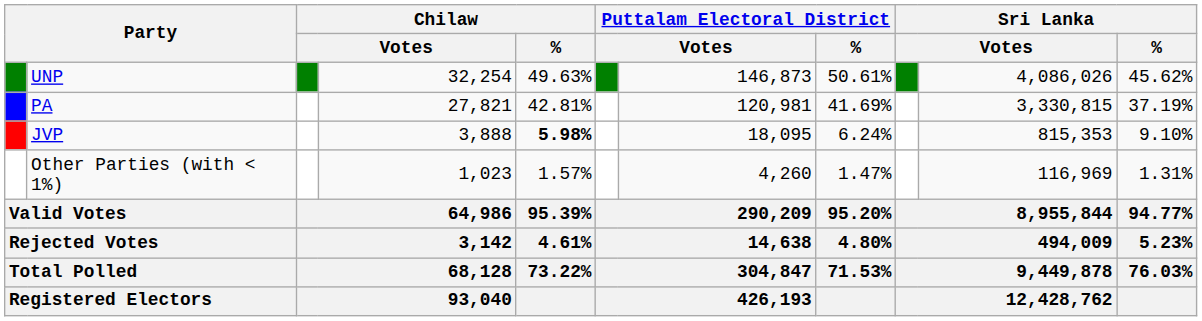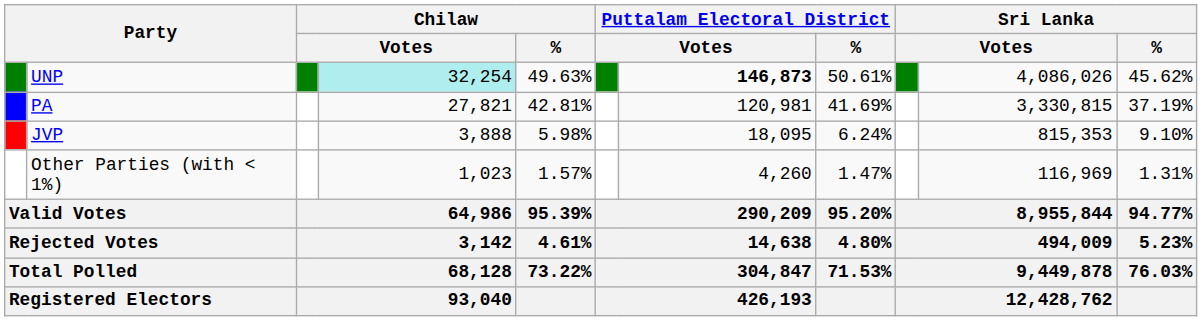 <table class="wikitable">
 <tr>
 <th colspan="2" width="144px"rowspan="2">Party</th>
 <th colspan="3" width="216px">Chilaw</th>
 <th colspan="3" width="216px"><a href='#'>Puttalam Electoral District</a></th>
 <th colspan="3" width="216px">Sri Lanka</th>
 </tr>
 <tr>
 <th colspan="2" width="144px">Votes</th>
 <th>%</th>
 <th colspan="2" width="144px">Votes</th>
 <th>%</th>
 <th colspan="2" width="144px">Votes</th>
 <th>%</th>
 </tr>
 <tr>
 <td style="background-color:green;" width="10px"></td>
 <td style="text-align:left;"><a href='#'>UNP</a></td>
 <td style="background-color:green;" width="10px"></td>
-<td style="text-align:right;">32,254</td>
+<td style="background: paleturquoise; text-align:right;">32,254</td>
 <td style="text-align:right;">49.63%</td>
 <td style="background-color:green;" width="10px"></td>
-<td style="text-align:right;">146,873</td>
+<td style="text-align:right;"><strong>146,873</strong></td>
 <td style="text-align:right;">50.61%</td>
 <td style="background-color:green;" width="10px"></td>
 <td style="text-align:right;">4,086,026</td>
 <td style="text-align:right;">45.62%</td>
 </tr>
 <tr>
 <td style="background-color:blue;" width="10px"></td>
 <td style="text-align:left;"><a href='#'>PA</a></td>
 <td style="background-color:white;" width="10px"></td>
 <td style="text-align:right;">27,821</td>
 <td style="text-align:right;">42.81%</td>
 <td style="background-color:white;" width="10px"></td>
 <td style="text-align:right;">120,981</td>
 <td style="text-align:right;">41.69%</td>
 <td style="background-color:white;" width="10px"></td>
 <td style="text-align:right;">3,330,815</td>
 <td style="text-align:right;">37.19%</td>
 </tr>
 <tr>
 <td style="background-color:red;" width="10px"></td>
 <td style="text-align:left;"><a href='#'>JVP</a></td>
 <td style="background-color:white;" width="10px"></td>
 <td style="text-align:right;">3,888</td>
-<td style="text-align:right;"><strong>5.98%</strong></td>
+<td style="text-align:right;">5.98%</td>
 <td style="background-color:white;" width="10px"></td>
 <td style="text-align:right;">18,095</td>
 <td style="text-align:right;">6.24%</td>
 <td style="background-color:white;" width="10px"></td>
 <td style="text-align:right;">815,353</td>
 <td style="text-align:right;">9.10%</td>
 </tr>
 <tr>
 <td style="background-color:white;" width="10px"></td>
 <td style="text-align:left;">Other Parties (with < 1%)</td>
 <td style="background-color:white;" width="10px"></td>
 <td style="text-align:right;">1,023</td>
 <td style="text-align:right;">1.57%</td>
 <td style="background-color:white;" width="10px"></td>
 <td style="text-align:right;">4,260</td>
 <td style="text-align:right;">1.47%</td>
 <td style="background-color:white;" width="10px"></td>
 <td style="text-align:right;">116,969</td>
 <td style="text-align:right;">1.31%</td>
 </tr>
 <tr>
 <th colspan="2" width="144px"style="text-align:left;">Valid Votes</th>
 <th style="text-align:right;"colspan="2" width="144px">64,986</th>
 <th style="text-align:right;">95.39%</th>
 <th style="text-align:right;"colspan="2" width="144px">290,209</th>
 <th style="text-align:right;">95.20%</th>
 <th style="text-align:right;"colspan="2" width="144px">8,955,844</th>
 <th style="text-align:right;">94.77%</th>
 </tr>
 <tr>
 <th colspan="2" width="144px"style="text-align:left;">Rejected Votes</th>
 <th style="text-align:right;"colspan="2" width="144px">3,142</th>
 <th style="text-align:right;">4.61%</th>
 <th style="text-align:right;"colspan="2" width="144px">14,638</th>
 <th style="text-align:right;">4.80%</th>
 <th style="text-align:right;"colspan="2" width="144px">494,009</th>
 <th style="text-align:right;">5.23%</th>
 </tr>
 <tr>
 <th colspan="2" width="144px"style="text-align:left;">Total Polled</th>
 <th style="text-align:right;"colspan="2" width="144px">68,128</th>
 <th style="text-align:right;">73.22%</th>
 <th style="text-align:right;"colspan="2" width="144px">304,847</th>
 <th style="text-align:right;">71.53%</th>
 <th style="text-align:right;"colspan="2" width="144px">9,449,878</th>
 <th style="text-align:right;">76.03%</th>
 </tr>
 <tr>
 <th colspan="2" width="144px"style="text-align:left;">Registered Electors</th>
 <th style="text-align:right;"colspan="2" width="144px">93,040</th>
 <th></th>
 <th style="text-align:right;"colspan="2" width="144px">426,193</th>
 <th></th>
 <th style="text-align:right;"colspan="2" width="144px">12,428,762</th>
 <th></th>
 </tr>
 </table>
